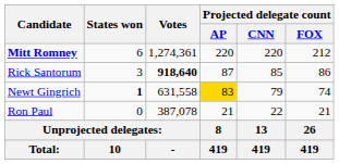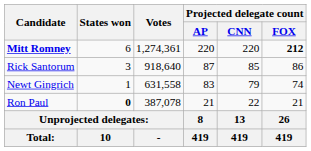 <table class="wikitable" style="text-align:right;">
 <tr>
 <th rowspan="2">Candidate</th>
 <th rowspan="2">States won</th>
 <th rowspan="2">Votes</th>
 <th colspan="3">Projected delegate count</th>
 </tr>
 <tr>
 <th><a href='#'>AP</a> <br></th>
 <th><a href='#'>CNN</a><br></th>
 <th><a href='#'>FOX</a></th>
 </tr>
 <tr>
 <td style="text-align:left;"> <strong><a href='#'>Mitt Romney</a></strong></td>
 <td>6</td>
 <td>1,274,361</td>
 <td>220</td>
 <td>220</td>
-<td>212</td>
+<td><strong>212</strong></td>
 </tr>
 <tr>
 <td style="text-align:left;"><a href='#'>Rick Santorum</a></td>
 <td>3</td>
-<td><strong>918,640</strong></td>
+<td>918,640</td>
 <td>87</td>
 <td>85</td>
 <td>86</td>
 </tr>
 <tr>
 <td style="text-align:left;"><a href='#'>Newt Gingrich</a></td>
-<td><strong>1</strong></td>
+<td>1</td>
 <td>631,558</td>
-<td style="background: gold;">83</td>
+<td>83</td>
 <td>79</td>
 <td>74</td>
 </tr>
 <tr>
 <td style="text-align:left;"><a href='#'>Ron Paul</a></td>
-<td>0</td>
+<td><strong>0</strong></td>
 <td>387,078</td>
 <td>21</td>
 <td>22</td>
 <td>21</td>
 </tr>
 <tr style="background:#eee;">
 <th colspan="3">Unprojected delegates:</th>
 <th>8</th>
 <th>13</th>
 <th>26</th>
 </tr>
 <tr style="background:#eee;">
 <th>Total:</th>
 <th>10</th>
 <th>-</th>
 <th>419</th>
 <th>419</th>
 <th>419</th>
 </tr>
 </table>
